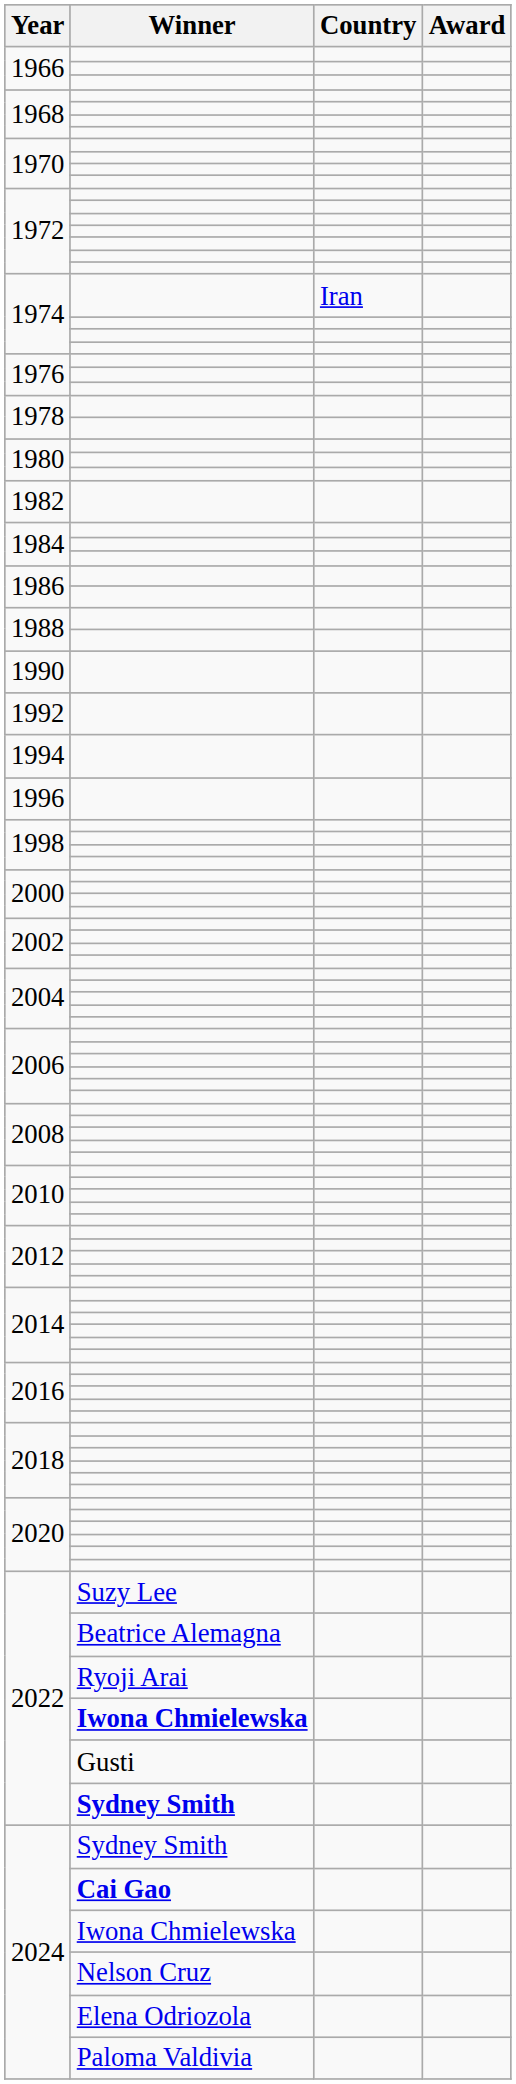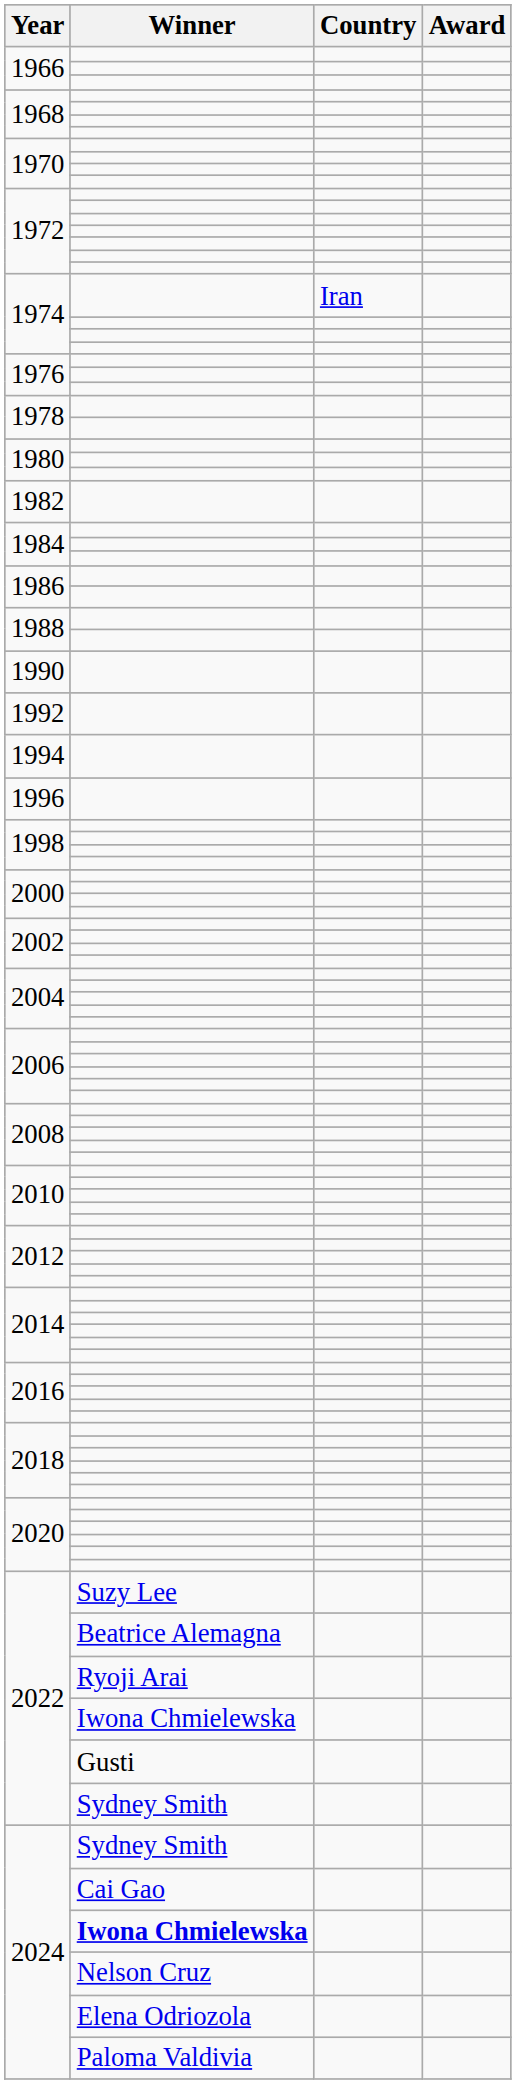 <table class="wikitable sortable">
 <tr>
 <th scope="col">Year</th>
 <th scope="col">Winner</th>
 <th scope="col">Country</th>
 <th scope="col">Award</th>
 </tr>
 <tr>
 <td rowspan="3" scope="row">1966</td>
 <td></td>
 <td></td>
 <td></td>
 </tr>
 <tr>
 <td></td>
 <td></td>
 <td></td>
 </tr>
 <tr>
 <td></td>
 <td></td>
 <td></td>
 </tr>
 <tr>
 <td rowspan="4" scope="row">1968</td>
 <td></td>
 <td></td>
 <td></td>
 </tr>
 <tr>
 <td></td>
 <td></td>
 <td></td>
 </tr>
 <tr>
 <td></td>
 <td></td>
 <td></td>
 </tr>
 <tr>
 <td></td>
 <td></td>
 <td></td>
 </tr>
 <tr>
 <td rowspan="4" scope="row">1970</td>
 <td></td>
 <td></td>
 <td></td>
 </tr>
 <tr>
 <td></td>
 <td></td>
 <td></td>
 </tr>
 <tr>
 <td></td>
 <td></td>
 <td></td>
 </tr>
 <tr>
 <td></td>
 <td></td>
 <td></td>
 </tr>
 <tr>
 <td rowspan="7" scope="row">1972</td>
 <td></td>
 <td></td>
 <td></td>
 </tr>
 <tr>
 <td></td>
 <td></td>
 <td></td>
 </tr>
 <tr>
 <td></td>
 <td></td>
 <td></td>
 </tr>
 <tr>
 <td></td>
 <td></td>
 <td></td>
 </tr>
 <tr>
 <td></td>
 <td></td>
 <td></td>
 </tr>
 <tr>
 <td></td>
 <td></td>
 <td></td>
 </tr>
 <tr>
 <td></td>
 <td></td>
 <td></td>
 </tr>
 <tr>
 <td rowspan="4" scope="row">1974</td>
 <td></td>
 <td> <a href='#'>Iran</a></td>
 <td></td>
 </tr>
 <tr>
 <td></td>
 <td></td>
 <td></td>
 </tr>
 <tr>
 <td></td>
 <td></td>
 <td></td>
 </tr>
 <tr>
 <td></td>
 <td></td>
 <td></td>
 </tr>
 <tr>
 <td rowspan="3" scope="row">1976</td>
 <td></td>
 <td></td>
 <td></td>
 </tr>
 <tr>
 <td></td>
 <td></td>
 <td></td>
 </tr>
 <tr>
 <td></td>
 <td></td>
 <td></td>
 </tr>
 <tr>
 <td rowspan="2" scope="row">1978</td>
 <td></td>
 <td></td>
 <td></td>
 </tr>
 <tr>
 <td></td>
 <td></td>
 <td></td>
 </tr>
 <tr>
 <td rowspan="3" scope="row">1980</td>
 <td></td>
 <td></td>
 <td></td>
 </tr>
 <tr>
 <td></td>
 <td></td>
 <td></td>
 </tr>
 <tr>
 <td></td>
 <td></td>
 <td></td>
 </tr>
 <tr>
 <td scope="row">1982</td>
 <td></td>
 <td></td>
 <td></td>
 </tr>
 <tr>
 <td rowspan="3" scope="row">1984</td>
 <td></td>
 <td></td>
 <td></td>
 </tr>
 <tr>
 <td></td>
 <td></td>
 <td></td>
 </tr>
 <tr>
 <td></td>
 <td></td>
 <td></td>
 </tr>
 <tr>
 <td rowspan="2" scope="row">1986</td>
 <td></td>
 <td></td>
 <td></td>
 </tr>
 <tr>
 <td></td>
 <td></td>
 <td></td>
 </tr>
 <tr>
 <td rowspan="2"scope="row">1988</td>
 <td></td>
 <td></td>
 <td></td>
 </tr>
 <tr>
 <td></td>
 <td></td>
 <td></td>
 </tr>
 <tr>
 <td scope="row">1990</td>
 <td></td>
 <td></td>
 <td></td>
 </tr>
 <tr>
 <td scope="row">1992</td>
 <td></td>
 <td></td>
 <td></td>
 </tr>
 <tr>
 <td scope="row">1994</td>
 <td></td>
 <td></td>
 <td></td>
 </tr>
 <tr>
 <td scope="row">1996</td>
 <td></td>
 <td></td>
 <td></td>
 </tr>
 <tr>
 <td rowspan="4" scope="row">1998</td>
 <td></td>
 <td></td>
 <td></td>
 </tr>
 <tr>
 <td></td>
 <td></td>
 <td></td>
 </tr>
 <tr>
 <td></td>
 <td></td>
 <td></td>
 </tr>
 <tr>
 <td></td>
 <td></td>
 <td></td>
 </tr>
 <tr>
 <td rowspan="4" scope="row">2000</td>
 <td></td>
 <td></td>
 <td></td>
 </tr>
 <tr>
 <td></td>
 <td></td>
 <td></td>
 </tr>
 <tr>
 <td></td>
 <td></td>
 <td></td>
 </tr>
 <tr>
 <td></td>
 <td></td>
 <td></td>
 </tr>
 <tr>
 <td rowspan="4" scope="row">2002</td>
 <td></td>
 <td></td>
 <td></td>
 </tr>
 <tr>
 <td></td>
 <td></td>
 <td></td>
 </tr>
 <tr>
 <td></td>
 <td></td>
 <td></td>
 </tr>
 <tr>
 <td></td>
 <td></td>
 <td></td>
 </tr>
 <tr>
 <td rowspan="5" scope="row">2004</td>
 <td></td>
 <td></td>
 <td></td>
 </tr>
 <tr>
 <td></td>
 <td></td>
 <td></td>
 </tr>
 <tr>
 <td></td>
 <td></td>
 <td></td>
 </tr>
 <tr>
 <td></td>
 <td></td>
 <td></td>
 </tr>
 <tr>
 <td></td>
 <td></td>
 <td></td>
 </tr>
 <tr>
 <td rowspan="6" scope="row">2006</td>
 <td></td>
 <td></td>
 <td></td>
 </tr>
 <tr>
 <td></td>
 <td></td>
 <td></td>
 </tr>
 <tr>
 <td></td>
 <td></td>
 <td></td>
 </tr>
 <tr>
 <td></td>
 <td></td>
 <td></td>
 </tr>
 <tr>
 <td></td>
 <td></td>
 <td></td>
 </tr>
 <tr>
 <td></td>
 <td></td>
 <td></td>
 </tr>
 <tr>
 <td rowspan="5" scope="row">2008</td>
 <td></td>
 <td></td>
 <td></td>
 </tr>
 <tr>
 <td></td>
 <td></td>
 <td></td>
 </tr>
 <tr>
 <td></td>
 <td></td>
 <td></td>
 </tr>
 <tr>
 <td></td>
 <td></td>
 <td></td>
 </tr>
 <tr>
 <td></td>
 <td></td>
 <td></td>
 </tr>
 <tr>
 <td rowspan="5" scope="row">2010</td>
 <td></td>
 <td></td>
 <td></td>
 </tr>
 <tr>
 <td></td>
 <td></td>
 <td></td>
 </tr>
 <tr>
 <td></td>
 <td></td>
 <td></td>
 </tr>
 <tr>
 <td></td>
 <td></td>
 <td></td>
 </tr>
 <tr>
 <td></td>
 <td></td>
 <td></td>
 </tr>
 <tr>
 <td rowspan="5" scope="row">2012</td>
 <td></td>
 <td></td>
 <td></td>
 </tr>
 <tr>
 <td></td>
 <td></td>
 <td></td>
 </tr>
 <tr>
 <td></td>
 <td></td>
 <td></td>
 </tr>
 <tr>
 <td></td>
 <td></td>
 <td></td>
 </tr>
 <tr>
 <td></td>
 <td></td>
 <td></td>
 </tr>
 <tr>
 <td rowspan="6" scope="row">2014</td>
 <td></td>
 <td></td>
 <td></td>
 </tr>
 <tr>
 <td></td>
 <td></td>
 <td></td>
 </tr>
 <tr>
 <td></td>
 <td></td>
 <td></td>
 </tr>
 <tr>
 <td></td>
 <td></td>
 <td></td>
 </tr>
 <tr>
 <td></td>
 <td></td>
 <td></td>
 </tr>
 <tr>
 <td></td>
 <td></td>
 <td></td>
 </tr>
 <tr>
 <td rowspan="5" scope="row">2016</td>
 <td></td>
 <td></td>
 <td></td>
 </tr>
 <tr>
 <td></td>
 <td></td>
 <td></td>
 </tr>
 <tr>
 <td></td>
 <td></td>
 <td></td>
 </tr>
 <tr>
 <td></td>
 <td></td>
 <td></td>
 </tr>
 <tr>
 <td></td>
 <td></td>
 <td></td>
 </tr>
 <tr>
 <td rowspan="6" scope="row">2018</td>
 <td></td>
 <td></td>
 <td></td>
 </tr>
 <tr>
 <td></td>
 <td></td>
 <td></td>
 </tr>
 <tr>
 <td></td>
 <td></td>
 <td></td>
 </tr>
 <tr>
 <td></td>
 <td></td>
 <td></td>
 </tr>
 <tr>
 <td></td>
 <td></td>
 <td></td>
 </tr>
 <tr>
 <td></td>
 <td></td>
 <td></td>
 </tr>
 <tr>
 <td rowspan="6" scope="row">2020</td>
 <td></td>
 <td></td>
 <td></td>
 </tr>
 <tr>
 <td></td>
 <td></td>
 <td></td>
 </tr>
 <tr>
 <td></td>
 <td></td>
 <td></td>
 </tr>
 <tr>
 <td></td>
 <td></td>
 <td></td>
 </tr>
 <tr>
 <td></td>
 <td></td>
 <td></td>
 </tr>
 <tr>
 <td></td>
 <td></td>
 <td></td>
 </tr>
 <tr>
 <td rowspan="6">2022</td>
 <td><a href='#'>Suzy Lee</a></td>
 <td></td>
 <td></td>
 </tr>
 <tr>
 <td><a href='#'>Beatrice Alemagna</a></td>
 <td></td>
 <td></td>
 </tr>
 <tr>
 <td><a href='#'>Ryoji Arai</a></td>
 <td></td>
 <td></td>
 </tr>
 <tr>
-<td><strong><a href='#'>Iwona Chmielewska</a></strong></td>
+<td><a href='#'>Iwona Chmielewska</a></td>
 <td></td>
 <td></td>
 </tr>
 <tr>
 <td>Gusti</td>
 <td></td>
 <td></td>
 </tr>
 <tr>
-<td><strong><a href='#'>Sydney Smith</a></strong></td>
+<td><a href='#'>Sydney Smith</a></td>
 <td></td>
 <td></td>
 </tr>
 <tr>
 <td rowspan="6">2024</td>
 <td><a href='#'>Sydney Smith</a></td>
 <td></td>
 <td></td>
 </tr>
 <tr>
-<td><strong><a href='#'>Cai Gao</a></strong></td>
+<td><a href='#'>Cai Gao</a></td>
 <td></td>
 <td></td>
 </tr>
 <tr>
-<td><a href='#'>Iwona Chmielewska</a></td>
+<td><strong><a href='#'>Iwona Chmielewska</a></strong></td>
 <td></td>
 <td></td>
 </tr>
 <tr>
 <td><a href='#'>Nelson Cruz</a></td>
 <td></td>
 <td></td>
 </tr>
 <tr>
 <td><a href='#'>Elena Odriozola</a></td>
 <td></td>
 <td></td>
 </tr>
 <tr>
 <td><a href='#'>Paloma Valdivia</a></td>
 <td></td>
 <td></td>
 </tr>
 </table>
